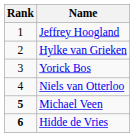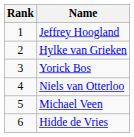 <table class="wikitable sortable" style="text-align:center">
 <tr>
 <th>Rank</th>
 <th>Name</th>
 </tr>
 <tr>
 <td>1</td>
 <td align=left><a href='#'>Jeffrey Hoogland</a></td>
 </tr>
 <tr>
 <td>2</td>
 <td align=left><a href='#'>Hylke van Grieken</a></td>
 </tr>
 <tr>
 <td>3</td>
 <td align=left><a href='#'>Yorick Bos</a></td>
 </tr>
 <tr>
 <td>4</td>
 <td align=left><a href='#'>Niels van Otterloo</a></td>
 </tr>
 <tr>
-<td><strong>5</strong></td>
+<td>5</td>
 <td align=left><a href='#'>Michael Veen</a></td>
 </tr>
 <tr>
-<td><strong>6</strong></td>
+<td>6</td>
 <td align=left><a href='#'>Hidde de Vries</a></td>
 </tr>
 </table>
